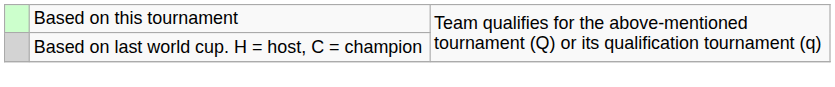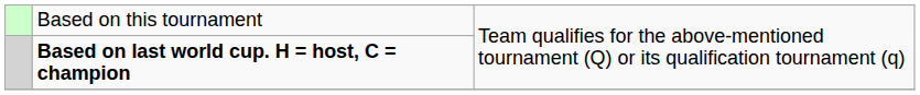 <table class="wikitable">
 <tr>
 <td style="background: #ccffcc;" width=15px></td>
 <td width=350px>Based on this tournament</td>
 <td rowspan=2 width=350px>Team qualifies for the above-mentioned tournament (Q) or its qualification tournament (q)</td>
 </tr>
 <tr>
 <td style="background: lightgrey;"></td>
-<td>Based on last world cup. H = host, C = champion</td>
+<td><strong>Based on last world cup. H = host, C = champion</strong></td>
 </tr>
 <tr>
 </tr>
 </table>
